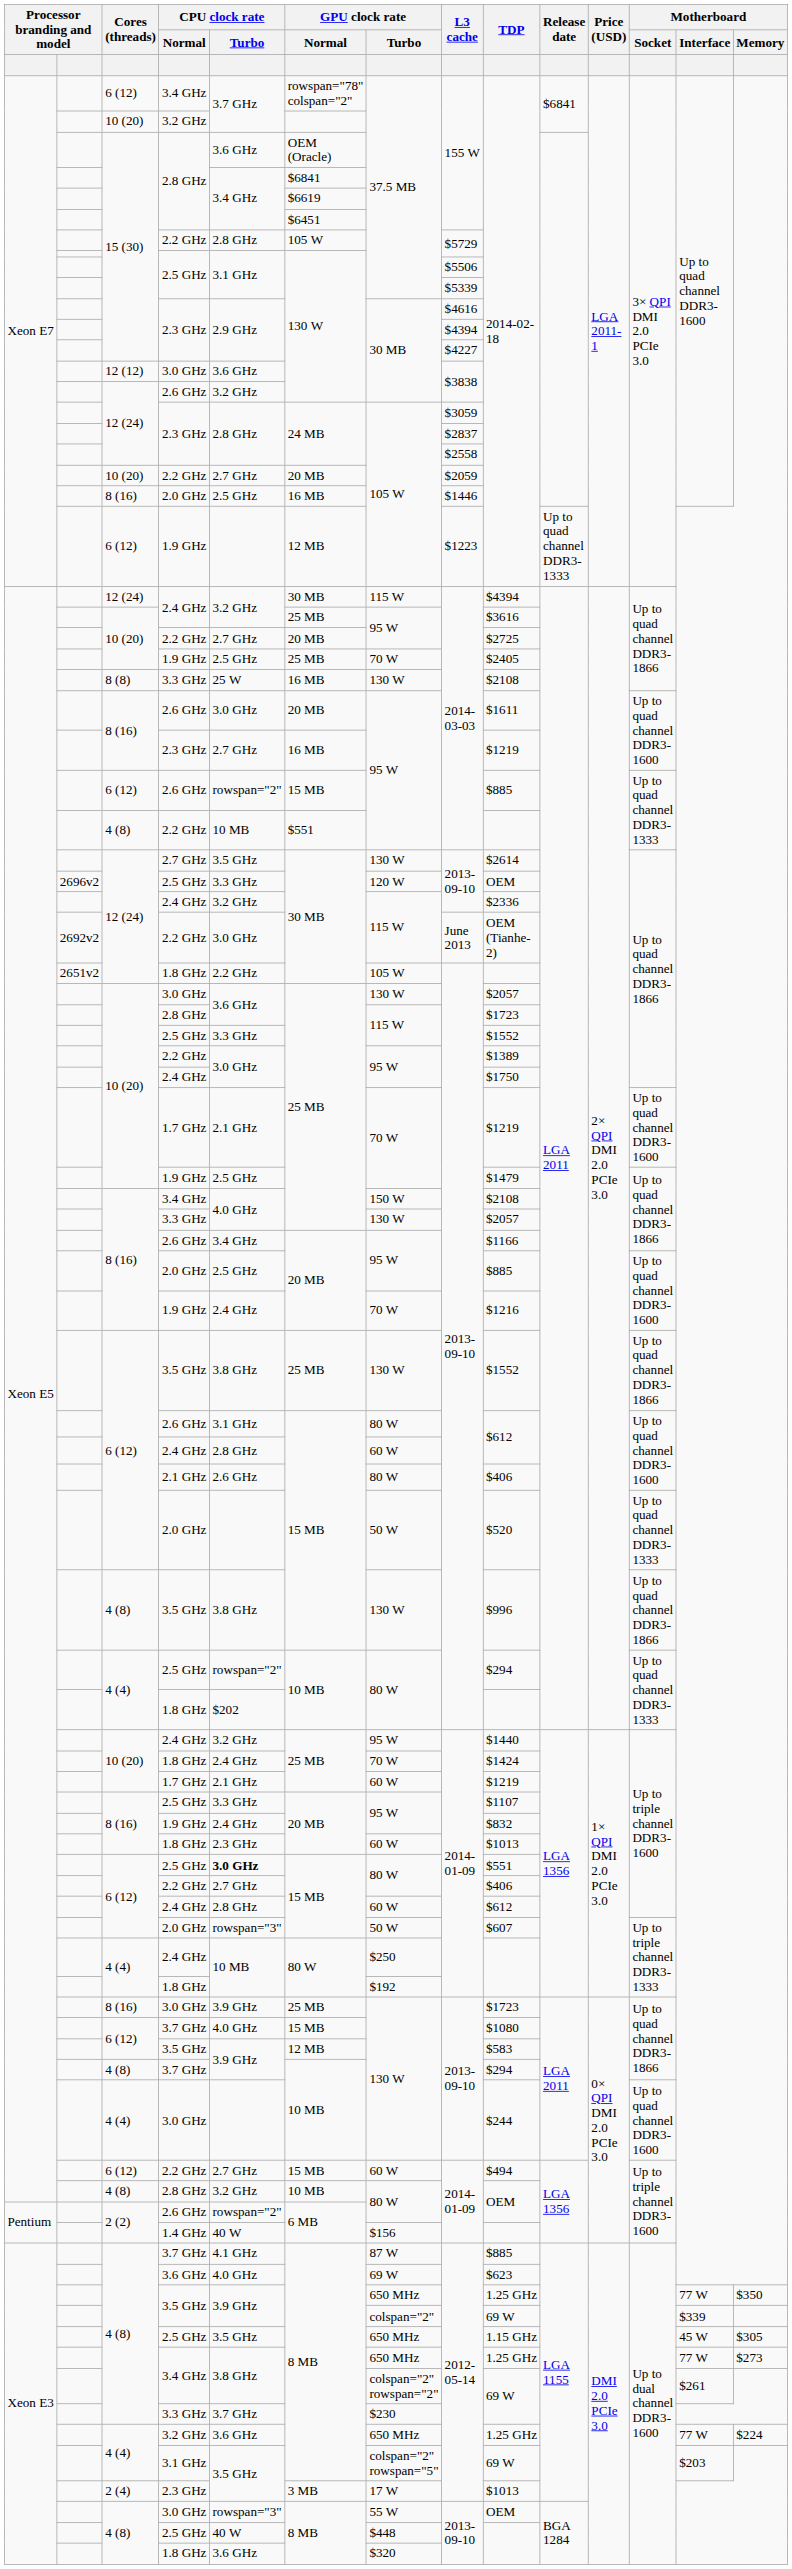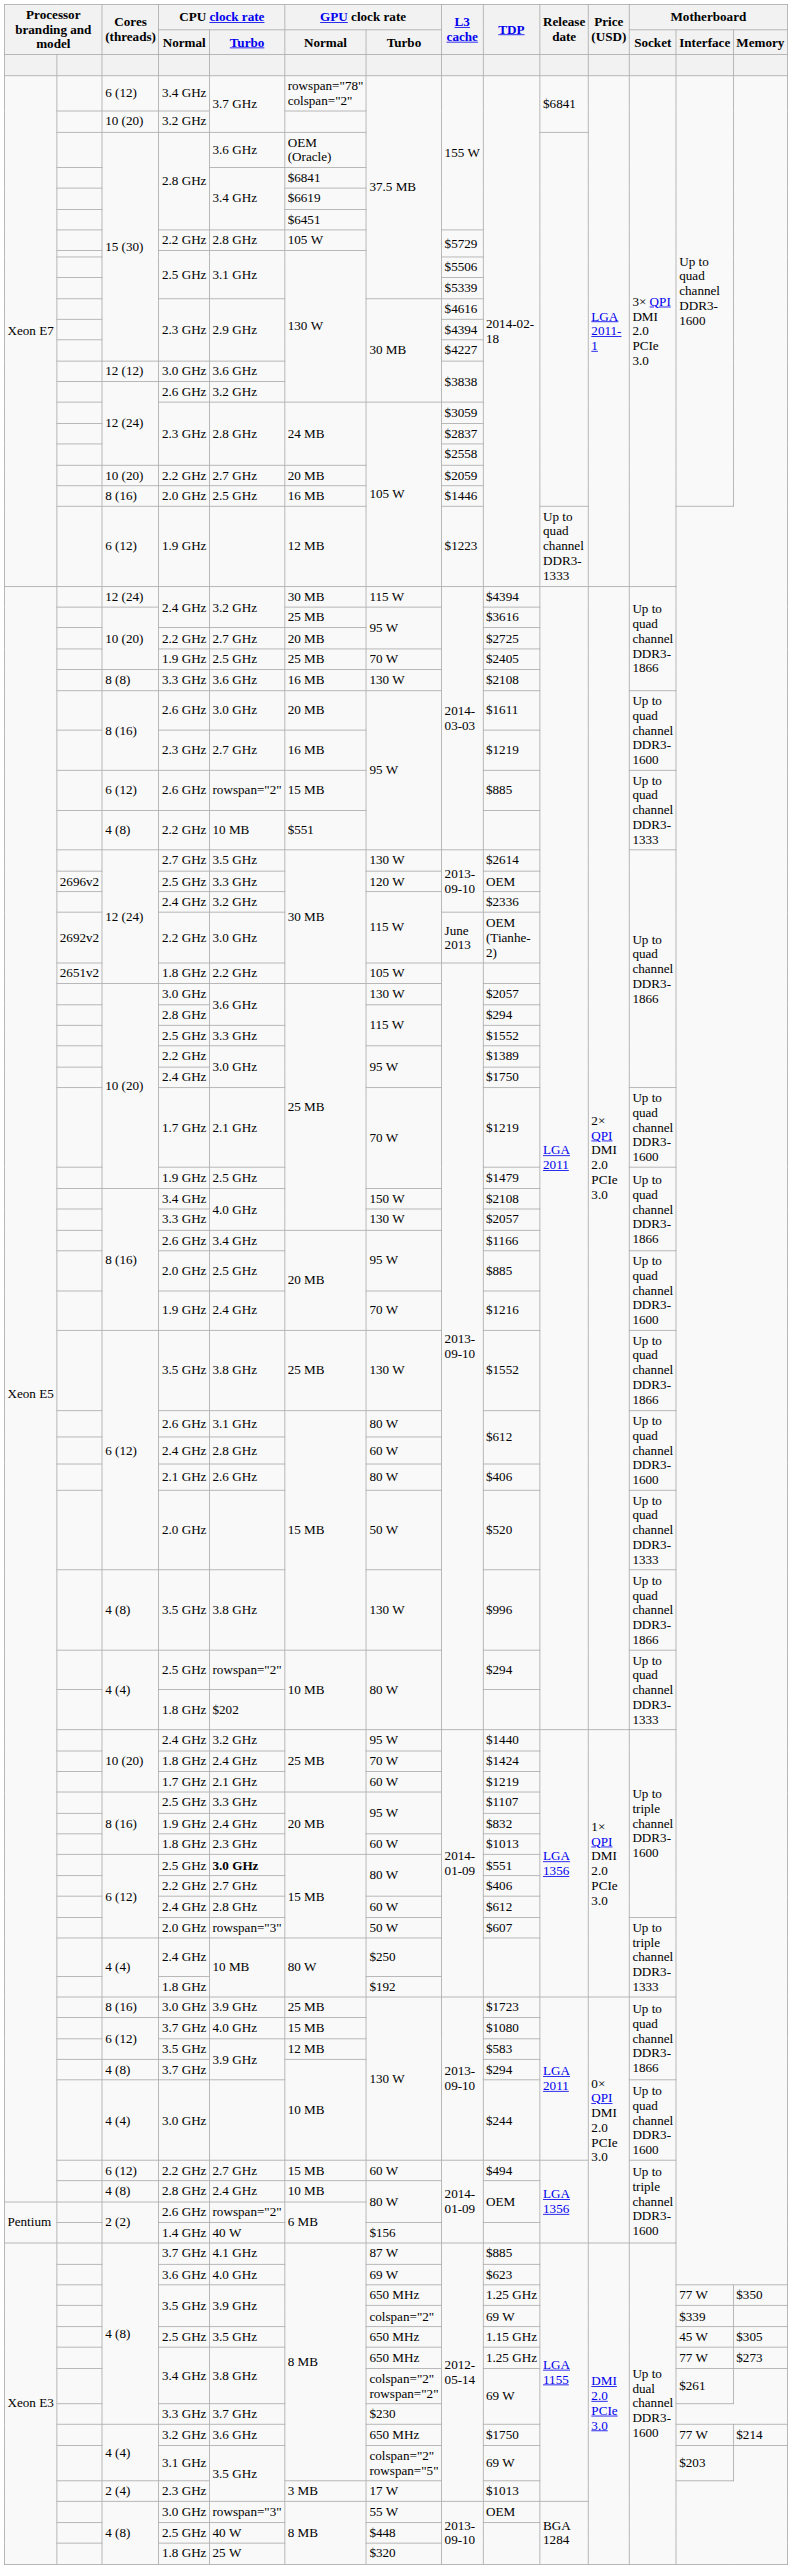 <table class="wikitable sortable hover-highlight">
 <tr>
 <th colspan="2" rowspan="2">Processor<br>branding and model</th>
 <th rowspan="2">Cores<br>(threads)</th>
 <th colspan="2">CPU <a href='#'>clock rate</a></th>
 <th colspan="2"><a href='#'>GPU</a> clock rate</th>
 <th rowspan="2"><a href='#'>L3<br>cache</a></th>
 <th rowspan="2"><a href='#'>TDP</a></th>
 <th rowspan="2">Release<br>date</th>
 <th rowspan="2">Price<br>(USD)</th>
 <th colspan="3">Motherboard</th>
 </tr>
 <tr>
 <th>Normal</th>
 <th><a href='#'>Turbo</a></th>
 <th>Normal</th>
 <th>Turbo</th>
 <th>Socket</th>
 <th>Interface</th>
 <th>Memory</th>
 </tr>
 <tr>
 <th style="background-position:center"><br></th>
 <th style="background-position:center"></th>
 <th style="background-position:center"></th>
 <th style="background-position:center"></th>
 <th style="background-position:center"></th>
 <th style="background-position:center"></th>
 <th style="background-position:center"></th>
 <th style="background-position:center"></th>
 <th style="background-position:center"></th>
 <th style="background-position:center"></th>
 <th style="background-position:center"></th>
 <th style="background-position:center"></th>
 <th style="background-position:center"></th>
 <th style="background-position:center"></th>
 </tr>
 <tr>
 <td rowspan="21">Xeon E7</td>
 <td></td>
 <td>6 (12)</td>
 <td>3.4 GHz</td>
 <td rowspan="2">3.7 GHz</td>
 <td>rowspan="78" colspan="2" </td>
 <td rowspan="10">37.5 MB</td>
 <td rowspan="6">155 W</td>
 <td rowspan="21">2014-02-18</td>
 <td rowspan="2">$6841</td>
 <td rowspan="21"><a href='#'>LGA<br>2011-1</a></td>
 <td rowspan="21">3× <a href='#'>QPI</a><br>DMI 2.0<br>PCIe 3.0</td>
 <td rowspan="20">Up to quad<br>channel<br>DDR3-1600</td>
 </tr>
 <tr>
 <td></td>
 <td>10 (20)</td>
 <td>3.2 GHz</td>
 </tr>
 <tr>
 <td></td>
 <td rowspan="11">15 (30)</td>
 <td rowspan="4">2.8 GHz</td>
 <td>3.6 GHz</td>
 <td>OEM<br>(Oracle)</td>
 </tr>
 <tr>
 <td></td>
 <td rowspan="3">3.4 GHz</td>
 <td>$6841</td>
 </tr>
 <tr>
 <td></td>
 <td>$6619</td>
 </tr>
 <tr>
 <td></td>
 <td>$6451</td>
 </tr>
 <tr>
 <td></td>
 <td>2.2 GHz</td>
 <td>2.8 GHz</td>
 <td>105 W</td>
 <td rowspan="2">$5729</td>
 </tr>
 <tr>
 <td></td>
 <td rowspan="3">2.5 GHz</td>
 <td rowspan="3">3.1 GHz</td>
 <td rowspan="8">130 W</td>
 </tr>
 <tr>
 <td></td>
 <td>$5506</td>
 </tr>
 <tr>
 <td></td>
 <td>$5339</td>
 </tr>
 <tr>
 <td></td>
 <td rowspan="3">2.3 GHz</td>
 <td rowspan="3">2.9 GHz</td>
 <td rowspan="5">30 MB</td>
 <td>$4616</td>
 </tr>
 <tr>
 <td></td>
 <td>$4394</td>
 </tr>
 <tr>
 <td></td>
 <td>$4227</td>
 </tr>
 <tr>
 <td></td>
 <td>12 (12)</td>
 <td>3.0 GHz</td>
 <td>3.6 GHz</td>
 <td rowspan="2">$3838</td>
 </tr>
 <tr>
 <td></td>
 <td rowspan="4">12 (24)</td>
 <td>2.6 GHz</td>
 <td>3.2 GHz</td>
 </tr>
 <tr>
 <td></td>
 <td rowspan="3">2.3 GHz</td>
 <td rowspan="3">2.8 GHz</td>
 <td rowspan="3">24 MB</td>
 <td rowspan="6">105 W</td>
 <td>$3059</td>
 </tr>
 <tr>
 <td></td>
 <td>$2837</td>
 </tr>
 <tr>
 <td></td>
 <td>$2558</td>
 </tr>
 <tr>
 <td></td>
 <td>10 (20)</td>
 <td>2.2 GHz</td>
 <td>2.7 GHz</td>
 <td>20 MB</td>
 <td>$2059</td>
 </tr>
 <tr>
 <td></td>
 <td>8 (16)</td>
 <td>2.0 GHz</td>
 <td>2.5 GHz</td>
 <td>16 MB</td>
 <td>$1446</td>
 </tr>
 <tr>
 <td></td>
 <td>6 (12)</td>
 <td>1.9 GHz</td>
 <td></td>
 <td>12 MB</td>
 <td>$1223</td>
 <td>Up to quad<br>channel<br>DDR3-1333</td>
 </tr>
 <tr>
 <td rowspan="53">Xeon E5</td>
 <td></td>
 <td>12 (24)</td>
 <td rowspan="2">2.4 GHz</td>
 <td rowspan="2">3.2 GHz</td>
 <td>30 MB</td>
 <td>115 W</td>
 <td rowspan="9">2014-03-03</td>
 <td>$4394</td>
 <td rowspan="34"><a href='#'>LGA<br>2011</a></td>
 <td rowspan="34">2× <a href='#'>QPI</a><br>DMI 2.0<br>PCIe 3.0</td>
 <td rowspan="5">Up to quad<br>channel<br>DDR3-1866</td>
 </tr>
 <tr>
 <td></td>
 <td rowspan="3">10 (20)</td>
 <td>25 MB</td>
 <td rowspan="2">95 W</td>
 <td>$3616</td>
 </tr>
 <tr>
 <td></td>
 <td>2.2 GHz</td>
 <td>2.7 GHz</td>
 <td>20 MB</td>
 <td>$2725</td>
 </tr>
 <tr>
 <td></td>
 <td>1.9 GHz</td>
 <td>2.5 GHz</td>
 <td>25 MB</td>
 <td>70 W</td>
 <td>$2405</td>
 </tr>
 <tr>
 <td></td>
 <td>8 (8)</td>
 <td>3.3 GHz</td>
-<td>25 W</td>
+<td>3.6 GHz</td>
 <td>16 MB</td>
 <td>130 W</td>
 <td>$2108</td>
 </tr>
 <tr>
 <td></td>
 <td rowspan="2">8 (16)</td>
 <td>2.6 GHz</td>
 <td>3.0 GHz</td>
 <td>20 MB</td>
 <td rowspan="4">95 W</td>
 <td>$1611</td>
 <td rowspan="2">Up to quad<br>channel<br>DDR3-1600</td>
 </tr>
 <tr>
 <td></td>
 <td>2.3 GHz</td>
 <td>2.7 GHz</td>
 <td>16 MB</td>
 <td>$1219</td>
 </tr>
 <tr>
 <td></td>
 <td>6 (12)</td>
 <td>2.6 GHz</td>
 <td>rowspan="2" </td>
 <td>15 MB</td>
 <td>$885</td>
 <td rowspan="2">Up to quad<br>channel<br>DDR3-1333</td>
 </tr>
 <tr>
 <td></td>
 <td>4 (8)</td>
 <td>2.2 GHz</td>
 <td>10 MB</td>
 <td>$551</td>
 </tr>
 <tr>
 <td></td>
 <td rowspan="5">12 (24)</td>
 <td>2.7 GHz</td>
 <td>3.5 GHz</td>
 <td rowspan="5">30 MB</td>
 <td>130 W</td>
 <td rowspan="3">2013-09-10</td>
 <td>$2614</td>
 <td rowspan="10">Up to quad<br>channel<br>DDR3-1866</td>
 </tr>
 <tr>
 <td>2696v2</td>
 <td>2.5 GHz</td>
 <td>3.3 GHz</td>
 <td>120 W</td>
 <td>OEM</td>
 </tr>
 <tr>
 <td></td>
 <td>2.4 GHz</td>
 <td>3.2 GHz</td>
 <td rowspan="2">115 W</td>
 <td>$2336</td>
 </tr>
 <tr>
 <td>2692v2</td>
 <td>2.2 GHz</td>
 <td>3.0 GHz</td>
 <td>June 2013</td>
 <td>OEM<br>(Tianhe-2)</td>
 </tr>
 <tr>
 <td>2651v2</td>
 <td>1.8 GHz</td>
 <td>2.2 GHz</td>
 <td>105 W</td>
 <td rowspan="21">2013-09-10</td>
 <td></td>
 </tr>
 <tr>
 <td></td>
 <td rowspan="7">10 (20)</td>
 <td>3.0 GHz</td>
 <td rowspan="2">3.6 GHz</td>
 <td rowspan="9">25 MB</td>
 <td>130 W</td>
 <td>$2057</td>
 </tr>
 <tr>
 <td></td>
 <td>2.8 GHz</td>
 <td rowspan="2">115 W</td>
-<td>$1723</td>
+<td>$294</td>
 </tr>
 <tr>
 <td></td>
 <td>2.5 GHz</td>
 <td>3.3 GHz</td>
 <td>$1552</td>
 </tr>
 <tr>
 <td></td>
 <td>2.2 GHz</td>
 <td rowspan="2">3.0 GHz</td>
 <td rowspan="2">95 W</td>
 <td>$1389</td>
 </tr>
 <tr>
 <td></td>
 <td>2.4 GHz</td>
 <td>$1750</td>
 </tr>
 <tr>
 <td></td>
 <td>1.7 GHz</td>
 <td>2.1 GHz</td>
 <td rowspan="2">70 W</td>
 <td>$1219</td>
 <td>Up to quad<br>channel<br>DDR3-1600</td>
 </tr>
 <tr>
 <td></td>
 <td>1.9 GHz</td>
 <td>2.5 GHz</td>
 <td>$1479</td>
 <td rowspan="4">Up to quad<br>channel<br>DDR3-1866</td>
 </tr>
 <tr>
 <td></td>
 <td rowspan="5">8 (16)</td>
 <td>3.4 GHz</td>
 <td rowspan="2">4.0 GHz</td>
 <td>150 W</td>
 <td>$2108</td>
 </tr>
 <tr>
 <td></td>
 <td>3.3 GHz</td>
 <td>130 W</td>
 <td>$2057</td>
 </tr>
 <tr>
 <td></td>
 <td>2.6 GHz</td>
 <td>3.4 GHz</td>
 <td rowspan="3">20 MB</td>
 <td rowspan="2">95 W</td>
 <td>$1166</td>
 </tr>
 <tr>
 <td></td>
 <td>2.0 GHz</td>
 <td>2.5 GHz</td>
 <td>$885</td>
 <td rowspan="2">Up to quad<br>channel<br>DDR3-1600</td>
 </tr>
 <tr>
 <td></td>
 <td>1.9 GHz</td>
 <td>2.4 GHz</td>
 <td>70 W</td>
 <td>$1216</td>
 </tr>
 <tr>
 <td></td>
 <td rowspan="5">6 (12)</td>
 <td>3.5 GHz</td>
 <td>3.8 GHz</td>
 <td>25 MB</td>
 <td>130 W</td>
 <td>$1552</td>
 <td>Up to quad<br>channel<br>DDR3-1866</td>
 </tr>
 <tr>
 <td></td>
 <td>2.6 GHz</td>
 <td>3.1 GHz</td>
 <td rowspan="5">15 MB</td>
 <td>80 W</td>
 <td rowspan="2">$612</td>
 <td rowspan="3">Up to quad<br>channel<br>DDR3-1600</td>
 </tr>
 <tr>
 <td></td>
 <td>2.4 GHz</td>
 <td>2.8 GHz</td>
 <td>60 W</td>
 </tr>
 <tr>
 <td></td>
 <td>2.1 GHz</td>
 <td>2.6 GHz</td>
 <td>80 W</td>
 <td>$406</td>
 </tr>
 <tr>
 <td></td>
 <td>2.0 GHz</td>
 <td></td>
 <td>50 W</td>
 <td>$520</td>
 <td>Up to quad<br>channel<br>DDR3-1333</td>
 </tr>
 <tr>
 <td></td>
 <td>4 (8)</td>
 <td>3.5 GHz</td>
 <td>3.8 GHz</td>
 <td>130 W</td>
 <td>$996</td>
 <td>Up to quad<br>channel<br>DDR3-1866</td>
 </tr>
 <tr>
 <td></td>
 <td rowspan="2">4 (4)</td>
 <td>2.5 GHz</td>
 <td>rowspan="2" </td>
 <td rowspan="2">10 MB</td>
 <td rowspan="2">80 W</td>
 <td>$294</td>
 <td rowspan="2">Up to quad<br>channel<br>DDR3-1333</td>
 </tr>
 <tr>
 <td></td>
 <td>1.8 GHz</td>
 <td>$202</td>
 </tr>
 <tr>
 <td></td>
 <td rowspan="3">10 (20)</td>
 <td>2.4 GHz</td>
 <td>3.2 GHz</td>
 <td rowspan="3">25 MB</td>
 <td>95 W</td>
 <td rowspan="12">2014-01-09</td>
 <td>$1440</td>
 <td rowspan="12"><a href='#'>LGA<br>1356</a></td>
 <td rowspan="12">1× <a href='#'>QPI</a><br>DMI 2.0<br>PCIe 3.0</td>
 <td rowspan="9">Up to triple<br>channel<br>DDR3-1600</td>
 </tr>
 <tr>
 <td></td>
 <td>1.8 GHz</td>
 <td>2.4 GHz</td>
 <td>70 W</td>
 <td>$1424</td>
 </tr>
 <tr>
 <td></td>
 <td>1.7 GHz</td>
 <td>2.1 GHz</td>
 <td>60 W</td>
 <td>$1219</td>
 </tr>
 <tr>
 <td></td>
 <td rowspan="3">8 (16)</td>
 <td>2.5 GHz</td>
 <td>3.3 GHz</td>
 <td rowspan="3">20 MB</td>
 <td rowspan="2">95 W</td>
 <td>$1107</td>
 </tr>
 <tr>
 <td></td>
 <td>1.9 GHz</td>
 <td>2.4 GHz</td>
 <td>$832</td>
 </tr>
 <tr>
 <td></td>
 <td>1.8 GHz</td>
 <td>2.3 GHz</td>
 <td>60 W</td>
 <td>$1013</td>
 </tr>
 <tr>
 <td></td>
 <td rowspan="4">6 (12)</td>
 <td>2.5 GHz</td>
 <td><strong>3.0 GHz</strong></td>
 <td rowspan="4">15 MB</td>
 <td rowspan="2">80 W</td>
 <td>$551</td>
 </tr>
 <tr>
 <td></td>
 <td>2.2 GHz</td>
 <td>2.7 GHz</td>
 <td>$406</td>
 </tr>
 <tr>
 <td></td>
 <td>2.4 GHz</td>
 <td>2.8 GHz</td>
 <td>60 W</td>
 <td>$612</td>
 </tr>
 <tr>
 <td></td>
 <td>2.0 GHz</td>
 <td>rowspan="3" </td>
 <td>50 W</td>
 <td>$607</td>
 <td rowspan="3">Up to triple<br>channel<br>DDR3-1333</td>
 </tr>
 <tr>
 <td></td>
 <td rowspan="2">4 (4)</td>
 <td>2.4 GHz</td>
 <td rowspan="2">10 MB</td>
 <td rowspan="2">80 W</td>
 <td>$250</td>
 </tr>
 <tr>
 <td></td>
 <td>1.8 GHz</td>
 <td>$192</td>
 </tr>
 <tr>
 <td></td>
 <td>8 (16)</td>
 <td>3.0 GHz</td>
 <td>3.9 GHz</td>
 <td>25 MB</td>
 <td rowspan="5">130 W</td>
 <td rowspan="5">2013-09-10</td>
 <td>$1723</td>
 <td rowspan="5"><a href='#'>LGA<br>2011</a></td>
 <td rowspan="9">0× <a href='#'>QPI</a><br>DMI 2.0<br>PCIe 3.0</td>
 <td rowspan="4">Up to quad<br>channel<br>DDR3-1866</td>
 </tr>
 <tr>
 <td></td>
 <td rowspan="2">6 (12)</td>
 <td>3.7 GHz</td>
 <td>4.0 GHz</td>
 <td>15 MB</td>
 <td>$1080</td>
 </tr>
 <tr>
 <td></td>
 <td>3.5 GHz</td>
 <td rowspan="2">3.9 GHz</td>
 <td>12 MB</td>
 <td>$583</td>
 </tr>
 <tr>
 <td></td>
 <td>4 (8)</td>
 <td>3.7 GHz</td>
 <td rowspan="2">10 MB</td>
 <td>$294</td>
 </tr>
 <tr>
 <td></td>
 <td>4 (4)</td>
 <td>3.0 GHz</td>
 <td></td>
 <td>$244</td>
 <td>Up to quad<br>channel<br>DDR3-1600</td>
 </tr>
 <tr>
 <td></td>
 <td>6 (12)</td>
 <td>2.2 GHz</td>
 <td>2.7 GHz</td>
 <td>15 MB</td>
 <td>60 W</td>
 <td rowspan="4">2014-01-09</td>
 <td>$494</td>
 <td rowspan="4"><a href='#'>LGA<br>1356</a></td>
 <td rowspan="4">Up to triple<br>channel<br>DDR3-1600</td>
 </tr>
 <tr>
 <td></td>
 <td>4 (8)</td>
 <td>2.8 GHz</td>
-<td>3.2 GHz</td>
+<td>2.4 GHz</td>
 <td>10 MB</td>
 <td rowspan="2">80 W</td>
 <td rowspan="2">OEM</td>
 </tr>
 <tr>
 <td rowspan="2">Pentium</td>
 <td></td>
 <td rowspan="2">2 (2)</td>
 <td>2.6 GHz</td>
 <td>rowspan="2" </td>
 <td rowspan="2">6 MB</td>
 </tr>
 <tr>
 <td></td>
 <td>1.4 GHz</td>
 <td>40 W</td>
 <td>$156</td>
 </tr>
 <tr>
 <td rowspan="14">Xeon E3</td>
 <td></td>
 <td rowspan="8">4 (8)</td>
 <td>3.7 GHz</td>
 <td>4.1 GHz</td>
 <td rowspan="10">8 MB</td>
 <td>87 W</td>
 <td rowspan="11">2012-05-14</td>
 <td>$885</td>
 <td rowspan="11"><a href='#'>LGA<br>1155</a></td>
 <td rowspan="14"><a href='#'>DMI 2.0</a><br><a href='#'>PCIe 3.0</a></td>
 <td rowspan="14">Up to dual<br>channel<br>DDR3-1600</td>
 </tr>
 <tr>
 <td></td>
 <td>3.6 GHz</td>
 <td>4.0 GHz</td>
 <td>69 W</td>
 <td>$623</td>
 </tr>
 <tr>
 <td></td>
 <td rowspan="2">3.5 GHz</td>
 <td rowspan="2">3.9 GHz</td>
 <td>650 MHz</td>
 <td>1.25 GHz</td>
 <td>77 W</td>
 <td>$350</td>
 </tr>
 <tr>
 <td></td>
 <td>colspan="2" </td>
 <td>69 W</td>
 <td>$339</td>
 </tr>
 <tr>
 <td></td>
 <td>2.5 GHz</td>
 <td>3.5 GHz</td>
 <td>650 MHz</td>
 <td>1.15 GHz</td>
 <td>45 W</td>
 <td>$305</td>
 </tr>
 <tr>
 <td></td>
 <td rowspan="2">3.4 GHz</td>
 <td rowspan="2">3.8 GHz</td>
 <td>650 MHz</td>
 <td>1.25 GHz</td>
 <td>77 W</td>
 <td>$273</td>
 </tr>
 <tr>
 <td></td>
 <td>colspan="2" rowspan="2" </td>
 <td rowspan="2">69 W</td>
 <td>$261</td>
 </tr>
 <tr>
 <td></td>
 <td>3.3 GHz</td>
 <td>3.7 GHz</td>
 <td>$230</td>
 </tr>
 <tr>
 <td></td>
 <td rowspan="2">4 (4)</td>
 <td>3.2 GHz</td>
 <td>3.6 GHz</td>
 <td>650 MHz</td>
-<td>1.25 GHz</td>
+<td>$1750</td>
 <td>77 W</td>
-<td>$224</td>
+<td>$214</td>
 </tr>
 <tr>
 <td></td>
 <td>3.1 GHz</td>
 <td rowspan="2">3.5 GHz</td>
 <td>colspan="2" rowspan="5" </td>
 <td>69 W</td>
 <td>$203</td>
 </tr>
 <tr>
 <td></td>
 <td>2 (4)</td>
 <td>2.3 GHz</td>
 <td>3 MB</td>
 <td>17 W</td>
 <td>$1013</td>
 </tr>
 <tr>
 <td></td>
 <td rowspan="3">4 (8)</td>
 <td>3.0 GHz</td>
 <td>rowspan="3" </td>
 <td rowspan="3">8 MB</td>
 <td>55 W</td>
 <td rowspan="3">2013-09-10</td>
 <td>OEM</td>
 <td rowspan="3">BGA<br>1284</td>
 </tr>
 <tr>
 <td></td>
 <td>2.5 GHz</td>
 <td>40 W</td>
 <td>$448</td>
 </tr>
 <tr>
 <td></td>
 <td>1.8 GHz</td>
-<td>3.6 GHz</td>
+<td>25 W</td>
 <td>$320</td>
 </tr>
 </table>
